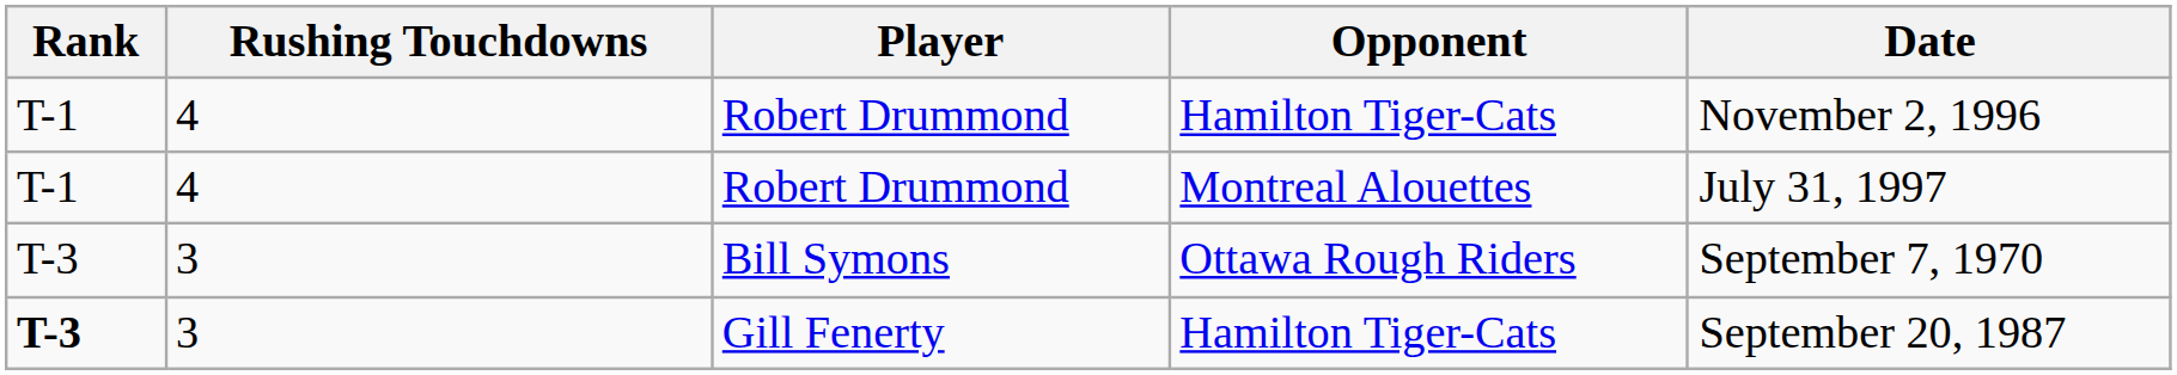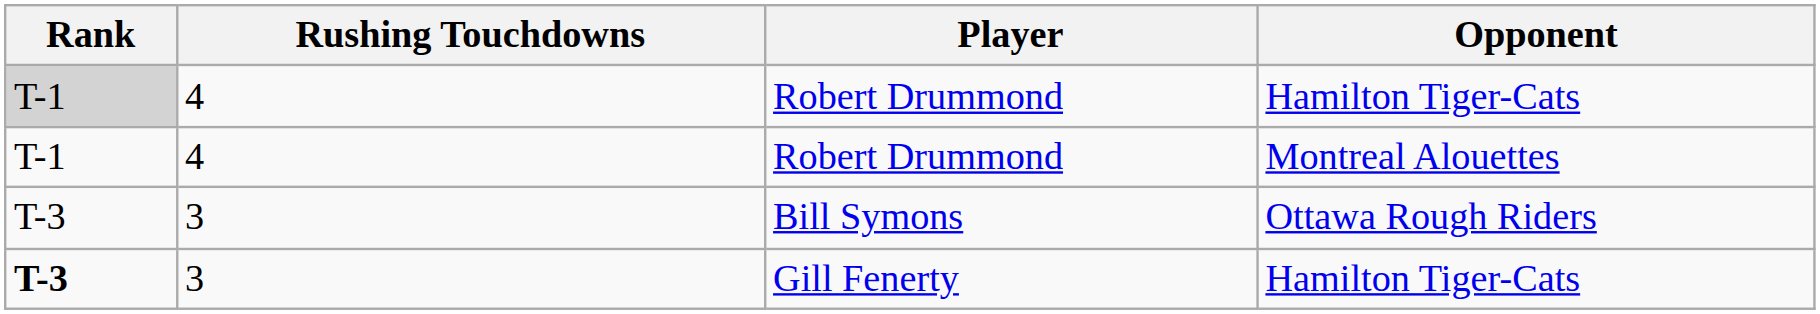 <table class="wikitable" style="width:60%;">
 <tr>
 <th>Rank</th>
 <th>Rushing Touchdowns</th>
 <th>Player</th>
 <th>Opponent</th>
-<th>Date</th>
 </tr>
 <tr>
-<td>T-1</td>
+<td style="background: lightgrey;">T-1</td>
 <td>4</td>
 <td><a href='#'>Robert Drummond</a></td>
 <td><a href='#'>Hamilton Tiger-Cats</a></td>
-<td>November 2, 1996</td>
 </tr>
 <tr>
 <td>T-1</td>
 <td>4</td>
 <td><a href='#'>Robert Drummond</a></td>
 <td><a href='#'>Montreal Alouettes</a></td>
-<td>July 31, 1997</td>
 </tr>
 <tr>
 <td>T-3</td>
 <td>3</td>
 <td><a href='#'>Bill Symons</a></td>
 <td><a href='#'>Ottawa Rough Riders</a></td>
-<td>September 7, 1970</td>
 </tr>
 <tr>
 <td><strong>T-3</strong></td>
 <td>3</td>
 <td><a href='#'>Gill Fenerty</a></td>
 <td><a href='#'>Hamilton Tiger-Cats</a></td>
-<td>September 20, 1987</td>
 </tr>
 </table>
